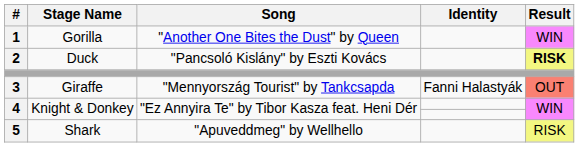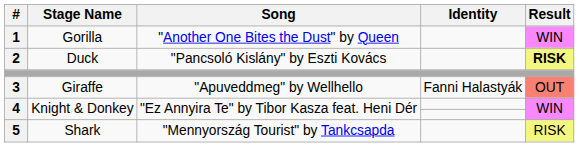 <table class="wikitable" style="text-align:center">
 <tr>
 <th style="width:20px">#</th>
 <th>Stage Name</th>
 <th>Song</th>
 <th>Identity</th>
 <th>Result</th>
 </tr>
 <tr>
 <th>1</th>
 <td>Gorilla</td>
 <td>"<a href='#'>Another One Bites the Dust</a>" by <a href='#'>Queen</a></td>
 <td></td>
 <td bgcolor="F888FD">WIN</td>
 </tr>
 <tr>
 <th>2</th>
 <td>Duck</td>
 <td>"Pancsoló Kislány" by Eszti Kovács</td>
 <td></td>
 <td bgcolor="F3F781"><strong>RISK</strong></td>
 </tr>
 <tr>
 <th colspan="5" style="background:darkgrey"></th>
 </tr>
 <tr>
 <th>3</th>
 <td>Giraffe</td>
-<td>"Mennyország Tourist" by <a href='#'>Tankcsapda</a></td>
+<td>"Apuveddmeg" by Wellhello</td>
 <td>Fanni Halastyák</td>
 <td bgcolor="salmon">OUT</td>
 </tr>
 <tr>
 <th rowspan="2">4</th>
 <td rowspan="2">Knight & Donkey</td>
 <td rowspan="2">"Ez Annyira Te" by Tibor Kasza feat. Heni Dér</td>
 <td></td>
 <td rowspan="2" bgcolor="F888FD">WIN</td>
 </tr>
 <tr>
 <td></td>
 </tr>
 <tr>
 <th>5</th>
 <td>Shark</td>
-<td>"Apuveddmeg" by Wellhello</td>
+<td>"Mennyország Tourist" by <a href='#'>Tankcsapda</a></td>
 <td></td>
 <td bgcolor="F3F781">RISK</td>
 </tr>
 </table>
